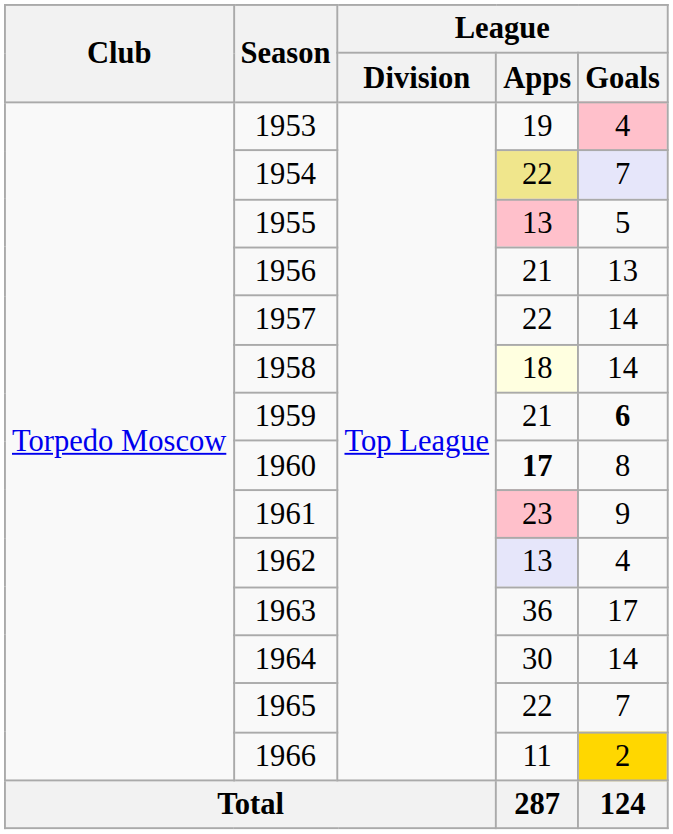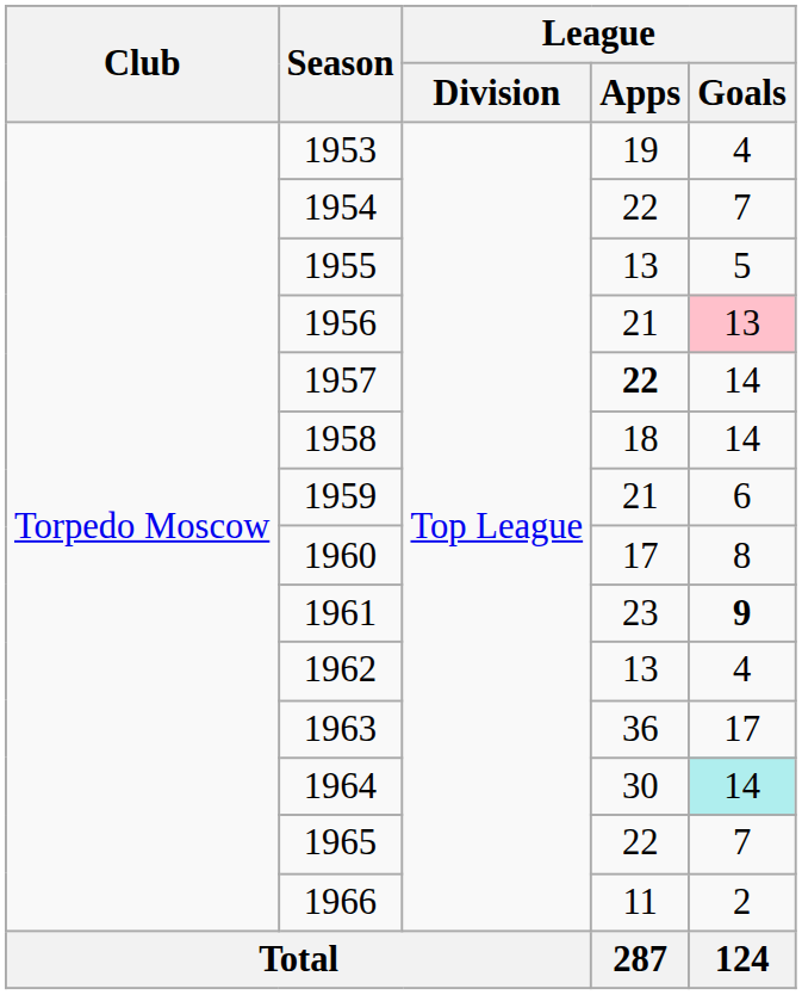 <table class="wikitable" style="text-align:center">
 <tr>
 <th rowspan="2">Club</th>
 <th rowspan="2">Season</th>
 <th colspan="3">League</th>
 </tr>
 <tr>
 <th>Division</th>
 <th>Apps</th>
 <th>Goals</th>
 </tr>
 <tr>
 <td rowspan="14"><a href='#'>Torpedo Moscow</a></td>
 <td>1953</td>
 <td rowspan="14"><a href='#'>Top League</a></td>
 <td>19</td>
-<td style="background: pink;">4</td>
+<td>4</td>
 </tr>
 <tr>
 <td>1954</td>
-<td style="background: khaki;">22</td>
-<td style="background: lavender;">7</td>
+<td>22</td>
+<td>7</td>
 </tr>
 <tr>
 <td>1955</td>
-<td style="background: pink;">13</td>
+<td>13</td>
 <td>5</td>
 </tr>
 <tr>
 <td>1956</td>
 <td>21</td>
-<td>13</td>
+<td style="background: pink;">13</td>
 </tr>
 <tr>
 <td>1957</td>
-<td>22</td>
+<td><strong>22</strong></td>
 <td>14</td>
 </tr>
 <tr>
 <td>1958</td>
-<td style="background: lightyellow;">18</td>
+<td>18</td>
 <td>14</td>
 </tr>
 <tr>
 <td>1959</td>
 <td>21</td>
-<td><strong>6</strong></td>
+<td>6</td>
 </tr>
 <tr>
 <td>1960</td>
-<td><strong>17</strong></td>
+<td>17</td>
 <td>8</td>
 </tr>
 <tr>
 <td>1961</td>
-<td style="background: pink;">23</td>
-<td>9</td>
+<td>23</td>
+<td><strong>9</strong></td>
 </tr>
 <tr>
 <td>1962</td>
-<td style="background: lavender;">13</td>
+<td>13</td>
 <td>4</td>
 </tr>
 <tr>
 <td>1963</td>
 <td>36</td>
 <td>17</td>
 </tr>
 <tr>
 <td>1964</td>
 <td>30</td>
-<td>14</td>
+<td style="background: paleturquoise;">14</td>
 </tr>
 <tr>
 <td>1965</td>
 <td>22</td>
 <td>7</td>
 </tr>
 <tr>
 <td>1966</td>
 <td>11</td>
-<td style="background: gold;">2</td>
+<td>2</td>
 </tr>
 <tr>
 <th colspan="3">Total</th>
 <th>287</th>
 <th>124</th>
 </tr>
 </table>
